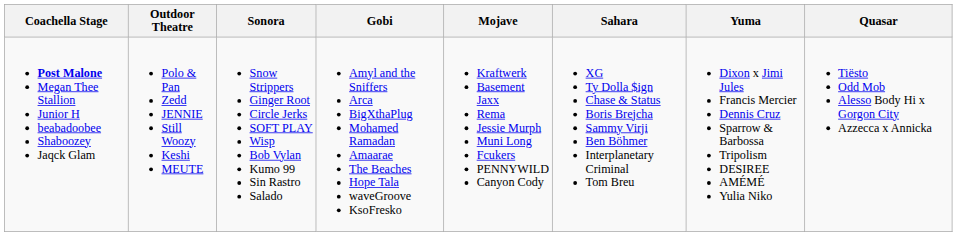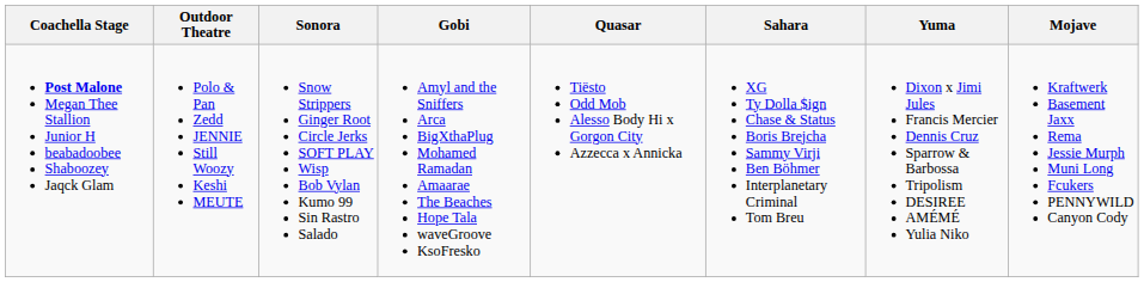 <table class="wikitable">
 <tr>
 <th>Coachella Stage</th>
 <th>Outdoor Theatre</th>
 <th>Sonora</th>
 <th>Gobi</th>
-<th>Mojave</th>
+<th>Quasar</th>
 <th>Sahara</th>
 <th>Yuma</th>
-<th>Quasar</th>
+<th>Mojave</th>
 </tr>
 <tr valign="top">
 <td><br><ul><li><strong><a href='#'>Post Malone</a></strong></li><li><a href='#'>Megan Thee Stallion</a></li><li><a href='#'>Junior H</a></li><li><a href='#'>beabadoobee</a></li><li><a href='#'>Shaboozey</a></li><li>Jaqck Glam</li></ul></td>
 <td><br><ul><li><a href='#'>Polo & Pan</a></li><li><a href='#'>Zedd</a></li><li><a href='#'>JENNIE</a></li><li><a href='#'>Still Woozy</a></li><li><a href='#'>Keshi</a></li><li><a href='#'>MEUTE</a></li></ul></td>
 <td><br><ul><li><a href='#'>Snow Strippers</a></li><li><a href='#'>Ginger Root</a></li><li><a href='#'>Circle Jerks</a></li><li><a href='#'>SOFT PLAY</a></li><li><a href='#'>Wisp</a></li><li><a href='#'>Bob Vylan</a></li><li>Kumo 99</li><li>Sin Rastro </li><li>Salado </li></ul></td>
 <td><br><ul><li><a href='#'>Amyl and the Sniffers</a></li><li><a href='#'>Arca</a></li><li><a href='#'>BigXthaPlug</a></li><li><a href='#'>Mohamed Ramadan</a></li><li><a href='#'>Amaarae</a></li><li><a href='#'>The Beaches</a></li><li><a href='#'>Hope Tala</a></li><li>waveGroove </li><li>KsoFresko </li></ul></td>
-<td><br><ul><li><a href='#'>Kraftwerk</a></li><li><a href='#'>Basement Jaxx</a></li><li><a href='#'>Rema</a></li><li><a href='#'>Jessie Murph</a></li><li><a href='#'>Muni Long</a></li><li><a href='#'>Fcukers</a></li><li>PENNYWILD </li><li>Canyon Cody </li></ul></td>
+<td><br><ul><li><a href='#'>Tiësto</a> </li><li><a href='#'>Odd Mob</a> </li><li><a href='#'>Alesso</a> Body Hi x <a href='#'>Gorgon City</a> </li><li>Azzecca x Annicka </li></ul></td>
 <td><br><ul><li><a href='#'>XG</a></li><li><a href='#'>Ty Dolla $ign</a></li><li><a href='#'>Chase & Status</a></li><li><a href='#'>Boris Brejcha</a></li><li><a href='#'>Sammy Virji</a></li><li><a href='#'>Ben Böhmer</a></li><li>Interplanetary Criminal</li><li>Tom Breu</li></ul></td>
 <td><br><ul><li><a href='#'>Dixon</a> x <a href='#'>Jimi Jules</a></li><li>Francis Mercier</li><li><a href='#'>Dennis Cruz</a></li><li>Sparrow & Barbossa</li><li>Tripolism</li><li>DESIREE</li><li>AMÉMÉ</li><li>Yulia Niko</li></ul></td>
-<td><br><ul><li><a href='#'>Tiësto</a> </li><li><a href='#'>Odd Mob</a> </li><li><a href='#'>Alesso</a> Body Hi x <a href='#'>Gorgon City</a> </li><li>Azzecca x Annicka </li></ul></td>
+<td><br><ul><li><a href='#'>Kraftwerk</a></li><li><a href='#'>Basement Jaxx</a></li><li><a href='#'>Rema</a></li><li><a href='#'>Jessie Murph</a></li><li><a href='#'>Muni Long</a></li><li><a href='#'>Fcukers</a></li><li>PENNYWILD </li><li>Canyon Cody </li></ul></td>
 </tr>
 </table>
